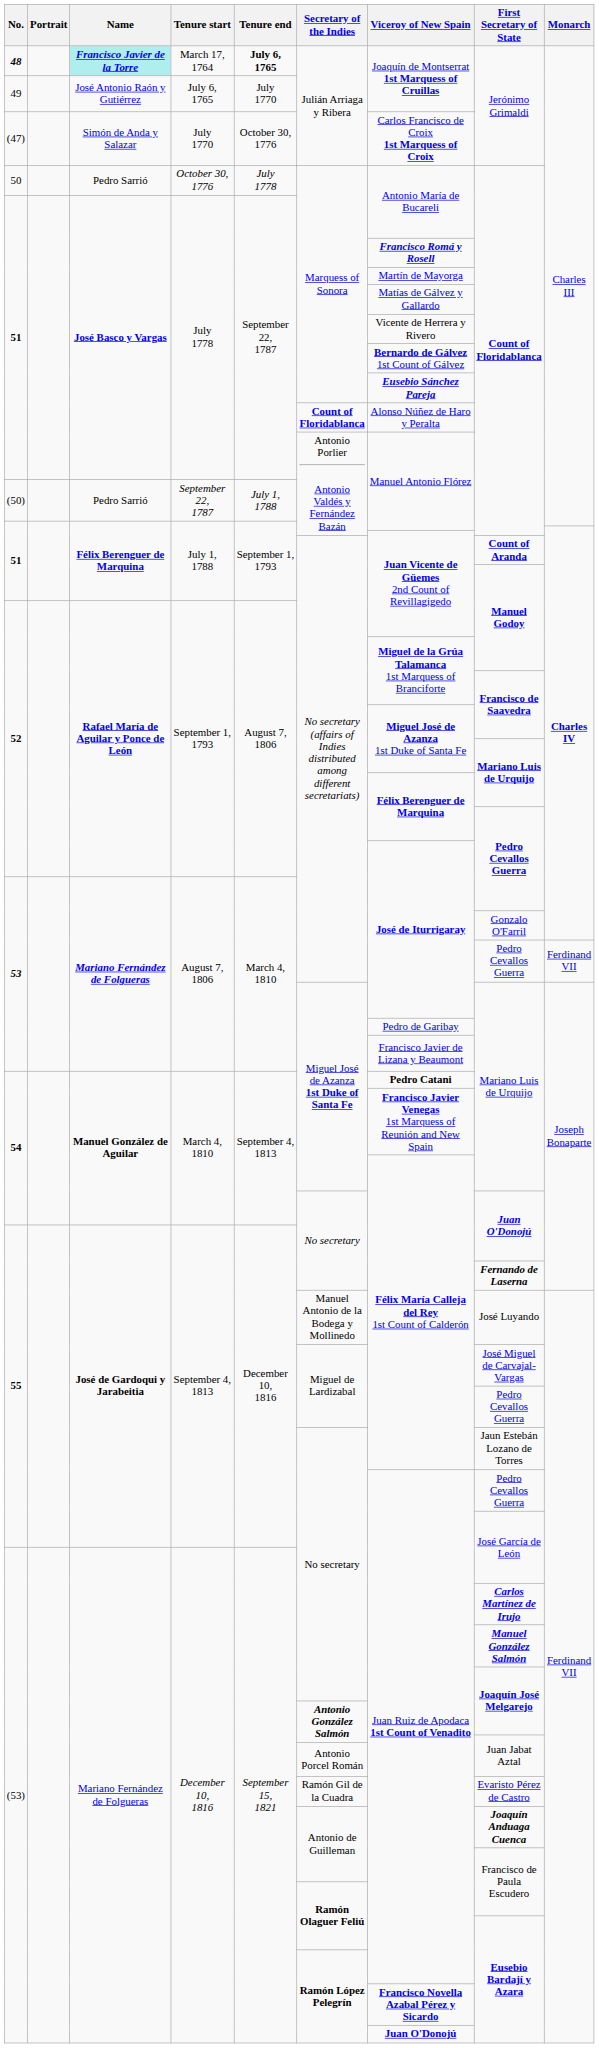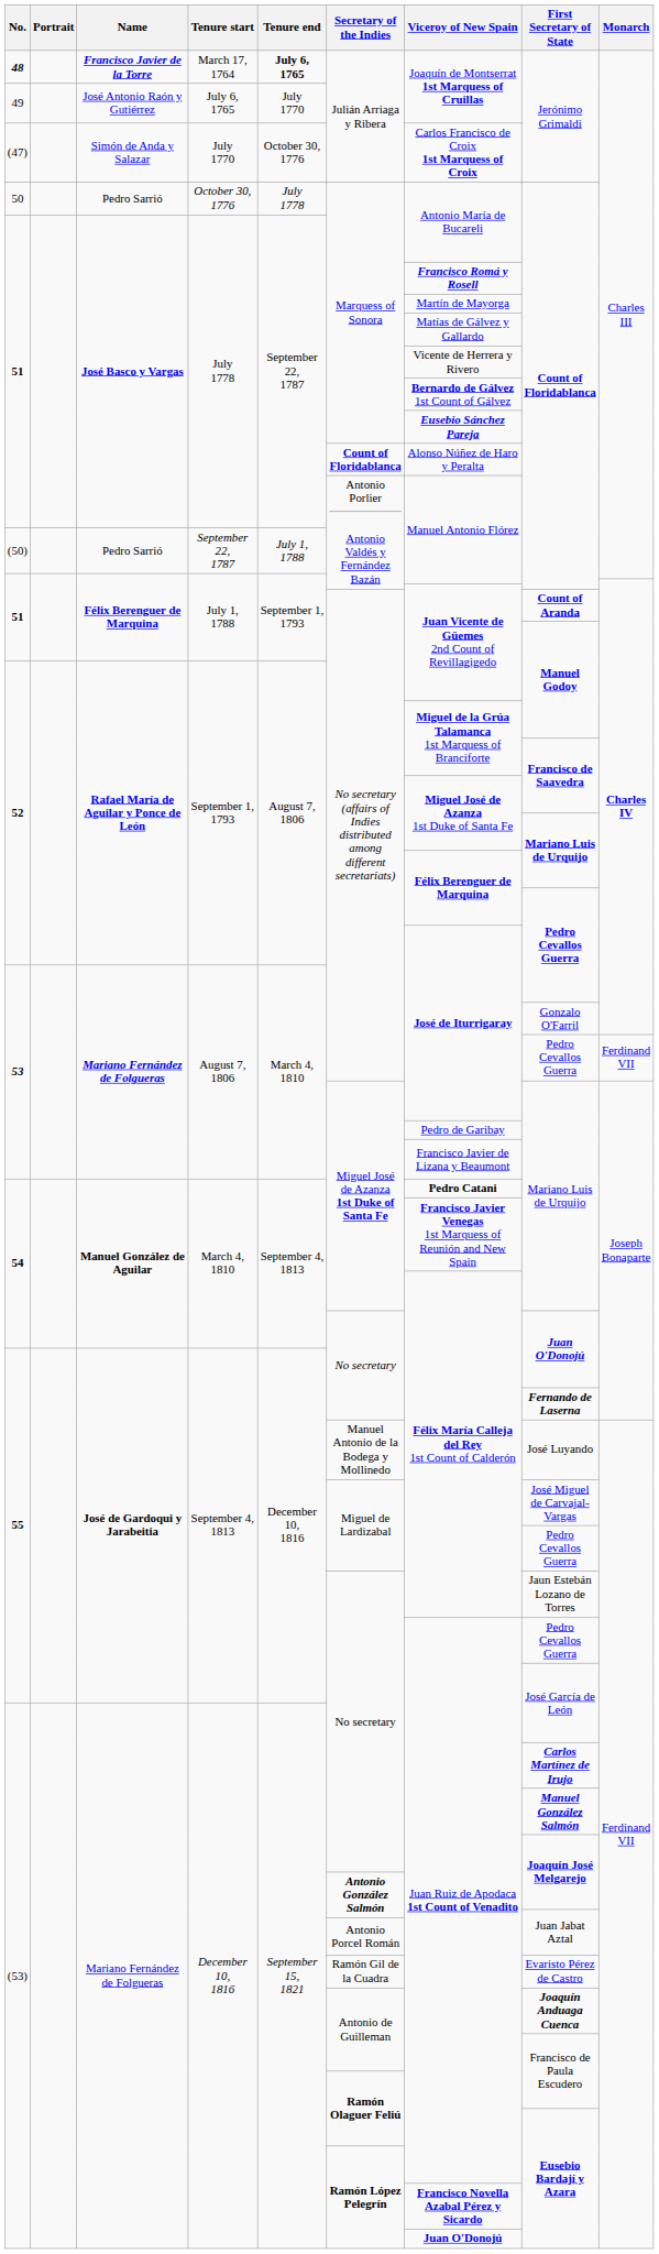 <table class="wikitable" style="text-align:center" |>
 <tr>
 <th>No.</th>
 <th>Portrait</th>
 <th width="200px">Name</th>
 <th width="100px">Tenure start</th>
 <th width="100px">Tenure end</th>
 <th><a href='#'>Secretary of the Indies</a></th>
 <th width="200px"><a href='#'>Viceroy of New Spain</a></th>
 <th><a href='#'>First Secretary of State</a></th>
 <th><a href='#'>Monarch</a></th>
 </tr>
 <tr>
 <td><strong><em>48</em></strong></td>
 <td></td>
-<td style="background: paleturquoise;"><strong><em><a href='#'>Francisco Javier de la Torre</a><strong><br><em></td>
+<td><strong><em><a href='#'>Francisco Javier de la Torre</a><strong><br><em></td>
 <td></em>March 17,<br>1764<em></td>
 <td><strong></em>July 6,<br>1765<em></strong></td>
 <td rowspan="5"></strong>Julián Arriaga y Ribera<strong> </td>
 <td rowspan="2"><a href='#'></strong>Joaquín de Montserrat<strong><br>1st Marquess of Cruillas</a><br></td>
 <td rowspan="7"></strong><a href='#'>Jerónimo Grimaldi</a><strong> </td>
 <td rowspan="21"><a href='#'></strong>Charles III<strong></a><br></td>
 </tr>
 <tr style="height:53px;">
 <td rowspan="2"></strong>49<strong></td>
 <td rowspan="2"></td>
 <td rowspan="2"></strong><a href='#'>José Antonio Raón y Gutiérrez</a><strong><br></td>
 <td rowspan="2">July 6,<br>1765</td>
 <td rowspan="2">July<br>1770</td>
 </tr>
 <tr>
 <td rowspan="2"><a href='#'></strong>Carlos Francisco de Croix<strong><br>1st Marquess of Croix</a><br></td>
 </tr>
 <tr style="height:53px;">
 <td rowspan="3"></strong>(47)<strong></td>
 <td rowspan="3"></td>
 <td rowspan="3"></strong><a href='#'>Simón de Anda y Salazar</a><strong><br></td>
 <td rowspan="3">July<br>1770</td>
 <td rowspan="3">October 30,<br>1776</td>
 </tr>
 <tr>
 <td rowspan="5"></strong><a href='#'>Antonio María de Bucareli</a><strong><br></td>
 </tr>
 <tr>
 <td rowspan="11"><a href='#'></strong>Marquess of Sonora<strong></a> </td>
 </tr>
 <tr>
 <td rowspan="2"></em></strong>50<strong><em></td>
 <td rowspan="2"></td>
 <td rowspan="2"></em></strong>Pedro Sarrió</strong><br></em></td>
 <td rowspan="2"><em>October 30,<br>1776</em></td>
 <td rowspan="2"><em>July<br>1778</em></td>
 </tr>
 <tr>
 <td rowspan="16"><strong><a href='#'>Count of Floridablanca</a></strong> </td>
 </tr>
 <tr style="height:63px;">
 <td rowspan="11"><strong>51</strong></td>
 <td rowspan="11"></td>
 <td rowspan="11"><strong><a href='#'>José Basco y Vargas</a></strong><br></td>
 <td rowspan="11">July<br>1778</td>
 <td rowspan="11">September 22,<br>1787</td>
 </tr>
 <tr>
 <td><strong><em><a href='#'>Francisco Romá y Rosell</a><strong><br><em></td>
 </tr>
 <tr>
 <td></strong><a href='#'>Martín de Mayorga</a><strong><br></td>
 </tr>
 <tr>
 <td></strong><a href='#'>Matías de Gálvez y Gallardo</a><strong><br></td>
 </tr>
 <tr>
 <td></em></strong>Vicente de Herrera y Rivero</strong><br></em></td>
 </tr>
 <tr>
 <td><a href='#'><strong>Bernardo de Gálvez</strong><br>1st Count of Gálvez</a><br></td>
 </tr>
 <tr>
 <td><strong><em><a href='#'>Eusebio Sánchez Pareja</a><strong><br><em></td>
 </tr>
 <tr>
 <td rowspan="3"></em></strong><a href='#'>Alonso Núñez de Haro y Peralta</a></strong><br></em></td>
 </tr>
 <tr>
 <td><strong><a href='#'>Count of Floridablanca</a><strong><em> <em></td>
 </tr>
 <tr>
 <td rowspan="6"></strong>Antonio Porlier<strong> <hr><br><a href='#'></strong>Antonio Valdés y Fernández Bazán<strong></a> </td>
 </tr>
 <tr style="height:63px;">
 <td rowspan="4"></strong><a href='#'>Manuel Antonio Flórez</a><strong><br></td>
 </tr>
 <tr>
 <td></em></strong>(50)<strong><em></td>
 <td></em><em></td>
 <td></em></strong>Pedro Sarrió</strong><br></em></td>
 <td><em>September 22,<br>1787</em></td>
 <td><em>July 1,<br>1788</em></td>
 </tr>
 <tr>
 <td rowspan="5"><strong>51</strong></td>
 <td rowspan="5"></td>
 <td rowspan="5"><strong><a href='#'>Félix Berenguer de Marquina</a></strong><br></td>
 <td rowspan="5">July 1,<br>1788</td>
 <td rowspan="5">September 1,<br>1793</td>
 </tr>
 <tr>
 <td rowspan="14"><strong><a href='#'>Charles IV</a></strong><br></td>
 </tr>
 <tr>
 <td rowspan="4"><a href='#'><strong>Juan Vicente de Güemes</strong><br>2nd Count of Revillagigedo</a><br></td>
 </tr>
 <tr>
 <td rowspan="13"><em>No secretary (affairs of Indies distributed among different secretariats)</em></td>
 <td><strong><a href='#'>Count of Aranda</a></strong> <em></em></td>
 </tr>
 <tr style="height:53px;">
 <td rowspan="3"><strong><a href='#'>Manuel Godoy</a></strong> </td>
 </tr>
 <tr style="height:53px;">
 <td rowspan="8"><strong>52</strong></td>
 <td rowspan="8"></td>
 <td rowspan="8"><strong><a href='#'>Rafael María de Aguilar y Ponce de León</a></strong><br></td>
 <td rowspan="8">September 1,<br>1793</td>
 <td rowspan="8">August 7,<br>1806</td>
 </tr>
 <tr style="height:50px;">
 <td rowspan="2"><a href='#'><strong>Miguel de la Grúa Talamanca</strong><br>1st Marquess of Branciforte</a><br></td>
 </tr>
 <tr style="height:50px;">
 <td rowspan="2"><a href='#'><strong>Francisco de Saavedra</strong></a> </td>
 </tr>
 <tr style="height:50px;">
 <td rowspan="2"><a href='#'><strong>Miguel José de Azanza</strong><br>1st Duke of Santa Fe</a><br></td>
 </tr>
 <tr style="height:50px;">
 <td rowspan="2"><a href='#'><strong>Mariano Luis de Urquijo</strong></a> </td>
 </tr>
 <tr style="height:50px;">
 <td rowspan="2"><strong><a href='#'>Félix Berenguer de Marquina</a></strong><br></td>
 </tr>
 <tr style="height:50px;">
 <td rowspan="3"><a href='#'><strong>Pedro Cevallos Guerra</strong></a> </td>
 </tr>
 <tr style="height:53px;">
 <td rowspan="5"><strong><a href='#'>José de Iturrigaray</a></strong><br></td>
 </tr>
 <tr style="height:50px;">
 <td rowspan="6"><strong><em>53</em></strong></td>
 <td rowspan="6"></td>
 <td rowspan="6"><strong><em><a href='#'>Mariano Fernández de Folgueras</a><strong><br><em></td>
 <td rowspan="6"></em>August 7,<br>1806<em></td>
 <td rowspan="6"></em>March 4,<br>1810<em></td>
 </tr>
 <tr>
 <td><a href='#'></strong>Gonzalo O'Farril<strong></a> </td>
 </tr>
 <tr style="height:50px;">
 <td><a href='#'></strong>Pedro Cevallos Guerra<strong></a> </td>
 <td><a href='#'></strong>Ferdinand VII<strong></a><br></td>
 </tr>
 <tr style="height:53px;">
 <td rowspan="7"><a href='#'></strong>Miguel José de Azanza<strong><br>1st Duke of Santa Fe</a><br></td>
 <td rowspan="7"><a href='#'></strong>Mariano Luis de Urquijo<strong></a> </td>
 <td rowspan="10"></strong><a href='#'>Joseph Bonaparte</a><strong><br></td>
 </tr>
 <tr>
 <td></strong><a href='#'>Pedro de Garibay</a><strong><br></td>
 </tr>
 <tr style="height:53px;">
 <td rowspan="2"></em></strong><a href='#'>Francisco Javier de Lizana y Beaumont</a></strong><br></em></td>
 </tr>
 <tr>
 <td rowspan="5"><strong>54</strong></td>
 <td rowspan="5"></td>
 <td rowspan="5"><strong>Manuel González de Aguilar</strong></td>
 <td rowspan="5">March 4,<br>1810</td>
 <td rowspan="5">September 4,<br>1813</td>
 </tr>
 <tr>
 <td><strong>Pedro Catani</strong><br></td>
 </tr>
 <tr>
 <td><a href='#'><strong>Francisco Javier Venegas</strong><br>1st Marquess of Reunión and New Spain</a><br></td>
 </tr>
 <tr style="height:53px;">
 <td rowspan="9"><a href='#'><strong>Félix María Calleja del Rey</strong><br>1st Count of Calderón</a><br></td>
 </tr>
 <tr style="height:50px;">
 <td rowspan="3"><em>No secretary</em></td>
 <td rowspan="2"><em><a href='#'><strong>Juan O'Donojú</strong></a> </em></td>
 </tr>
 <tr style="height:53px;">
 <td rowspan="9"><strong>55</strong></td>
 <td rowspan="9"></td>
 <td rowspan="9"><strong>José de Gardoqui y Jarabeitia</strong></td>
 <td rowspan="9">September 4,<br>1813</td>
 <td rowspan="9">December 10,<br>1816</td>
 </tr>
 <tr>
 <td><strong><em>Fernando de Laserna<strong> <em></td>
 </tr>
 <tr style="height:26px;">
 <td></strong>Manuel Antonio de la Bodega y Mollinedo<strong>   </td>
 <td></strong>José Luyando<strong> </em><em></td>
 <td rowspan="23"><a href='#'></strong>Ferdinand VII<strong></a><br></td>
 </tr>
 <tr>
 <td rowspan="2"></strong>Miguel de Lardizabal<strong> </strong><strong></td>
 <td><a href='#'></strong>José Miguel de Carvajal-Vargas<strong></a> </td>
 </tr>
 <tr>
 <td><a href='#'></strong>Pedro Cevallos Guerra<strong></a> </td>
 </tr>
 <tr>
 <td rowspan="8"></em>No secretary<em></td>
 <td></strong>Jaun Estebán Lozano de Torres<strong> </td>
 </tr>
 <tr -style="height:53px;">
 <td rowspan="2"><a href='#'></strong>Pedro Cevallos Guerra<strong></a> </td>
 </tr>
 <tr style="height:53px;">
 <td rowspan="16"><a href='#'></strong>Juan Ruiz de Apodaca<strong><br>1st Count of Venadito</a><br></td>
 </tr>
 <tr style="height:53px;">
 <td rowspan="2"><a href='#'></strong>José García de León<strong></a> </td>
 </tr>
 <tr style="height:53px;">
 <td rowspan="16"></em></strong>(53)<strong><em></td>
 <td rowspan="16"></td>
 <td rowspan="16"></em></strong><a href='#'>Mariano Fernández de Folgueras</a></strong><br></em></td>
 <td rowspan="16"><em>December 10,<br>1816</em></td>
 <td rowspan="16"><em>September 15,<br>1821</em></td>
 </tr>
 <tr>
 <td><em><a href='#'><strong>Carlos Martínez de Irujo</strong></a> </em></td>
 </tr>
 <tr>
 <td><em><a href='#'><strong>Manuel González Salmón</strong></a> </em></td>
 </tr>
 <tr style="height:50px;">
 <td rowspan="2"><a href='#'><strong>Joaquín José Melgarejo</strong></a> </td>
 </tr>
 <tr style="height:50px;">
 <td rowspan="2"><strong><em>Antonio González Salmón<strong> <em></td>
 </tr>
 <tr>
 <td rowspan="2"></strong>Juan Jabat Aztal<strong> </td>
 </tr>
 <tr style="height:50px;">
 <td rowspan="2"></strong>Antonio Porcel Román<strong> </td>
 </tr>
 <tr>
 <td rowspan="2"><a href='#'></strong>Evaristo Pérez de Castro<strong></a> </td>
 </tr>
 <tr>
 <td></strong>Ramón Gil de la Cuadra<strong> </td>
 </tr>
 <tr>
 <td rowspan="2"></em></strong>Antonio  de Guilleman</strong> </em></td>
 <td><strong><em>Joaquín Anduaga Cuenca<strong> <em></td>
 </tr>
 <tr style="height:50px;">
 <td rowspan="2"></em></strong>Francisco de Paula Escudero</strong> </em></td>
 </tr>
 <tr style="height:50px;">
 <td rowspan="2"><strong>Ramón Olaguer Feliú</strong> </td>
 </tr>
 <tr style="height:50px;">
 <td rowspan="4"><strong><a href='#'>Eusebio Bardají y Azara</a></strong> </td>
 </tr>
 <tr style="height:50px;">
 <td rowspan="3"><strong>Ramón López Pelegrín</strong> </td>
 </tr>
 <tr>
 <td><strong><a href='#'>Francisco Novella Azabal Pérez y Sicardo</a></strong><br></td>
 </tr>
 <tr>
 <td><strong><a href='#'>Juan O'Donojú</a></strong><br></td>
 </tr>
 </table>
